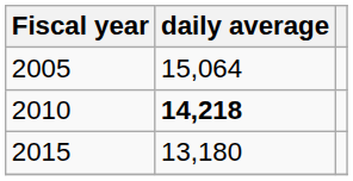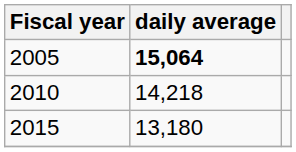 <table class="wikitable">
 <tr>
 <th>Fiscal year</th>
 <th>daily average</th>
 <th></th>
 </tr>
 <tr>
 <td>2005</td>
-<td>15,064</td>
+<td><strong>15,064</strong></td>
 <td></td>
 </tr>
 <tr>
 <td>2010</td>
-<td><strong>14,218</strong></td>
+<td>14,218</td>
 <td></td>
 </tr>
 <tr>
 <td>2015</td>
 <td>13,180</td>
 <td></td>
 </tr>
 <tr>
 </tr>
 </table>
